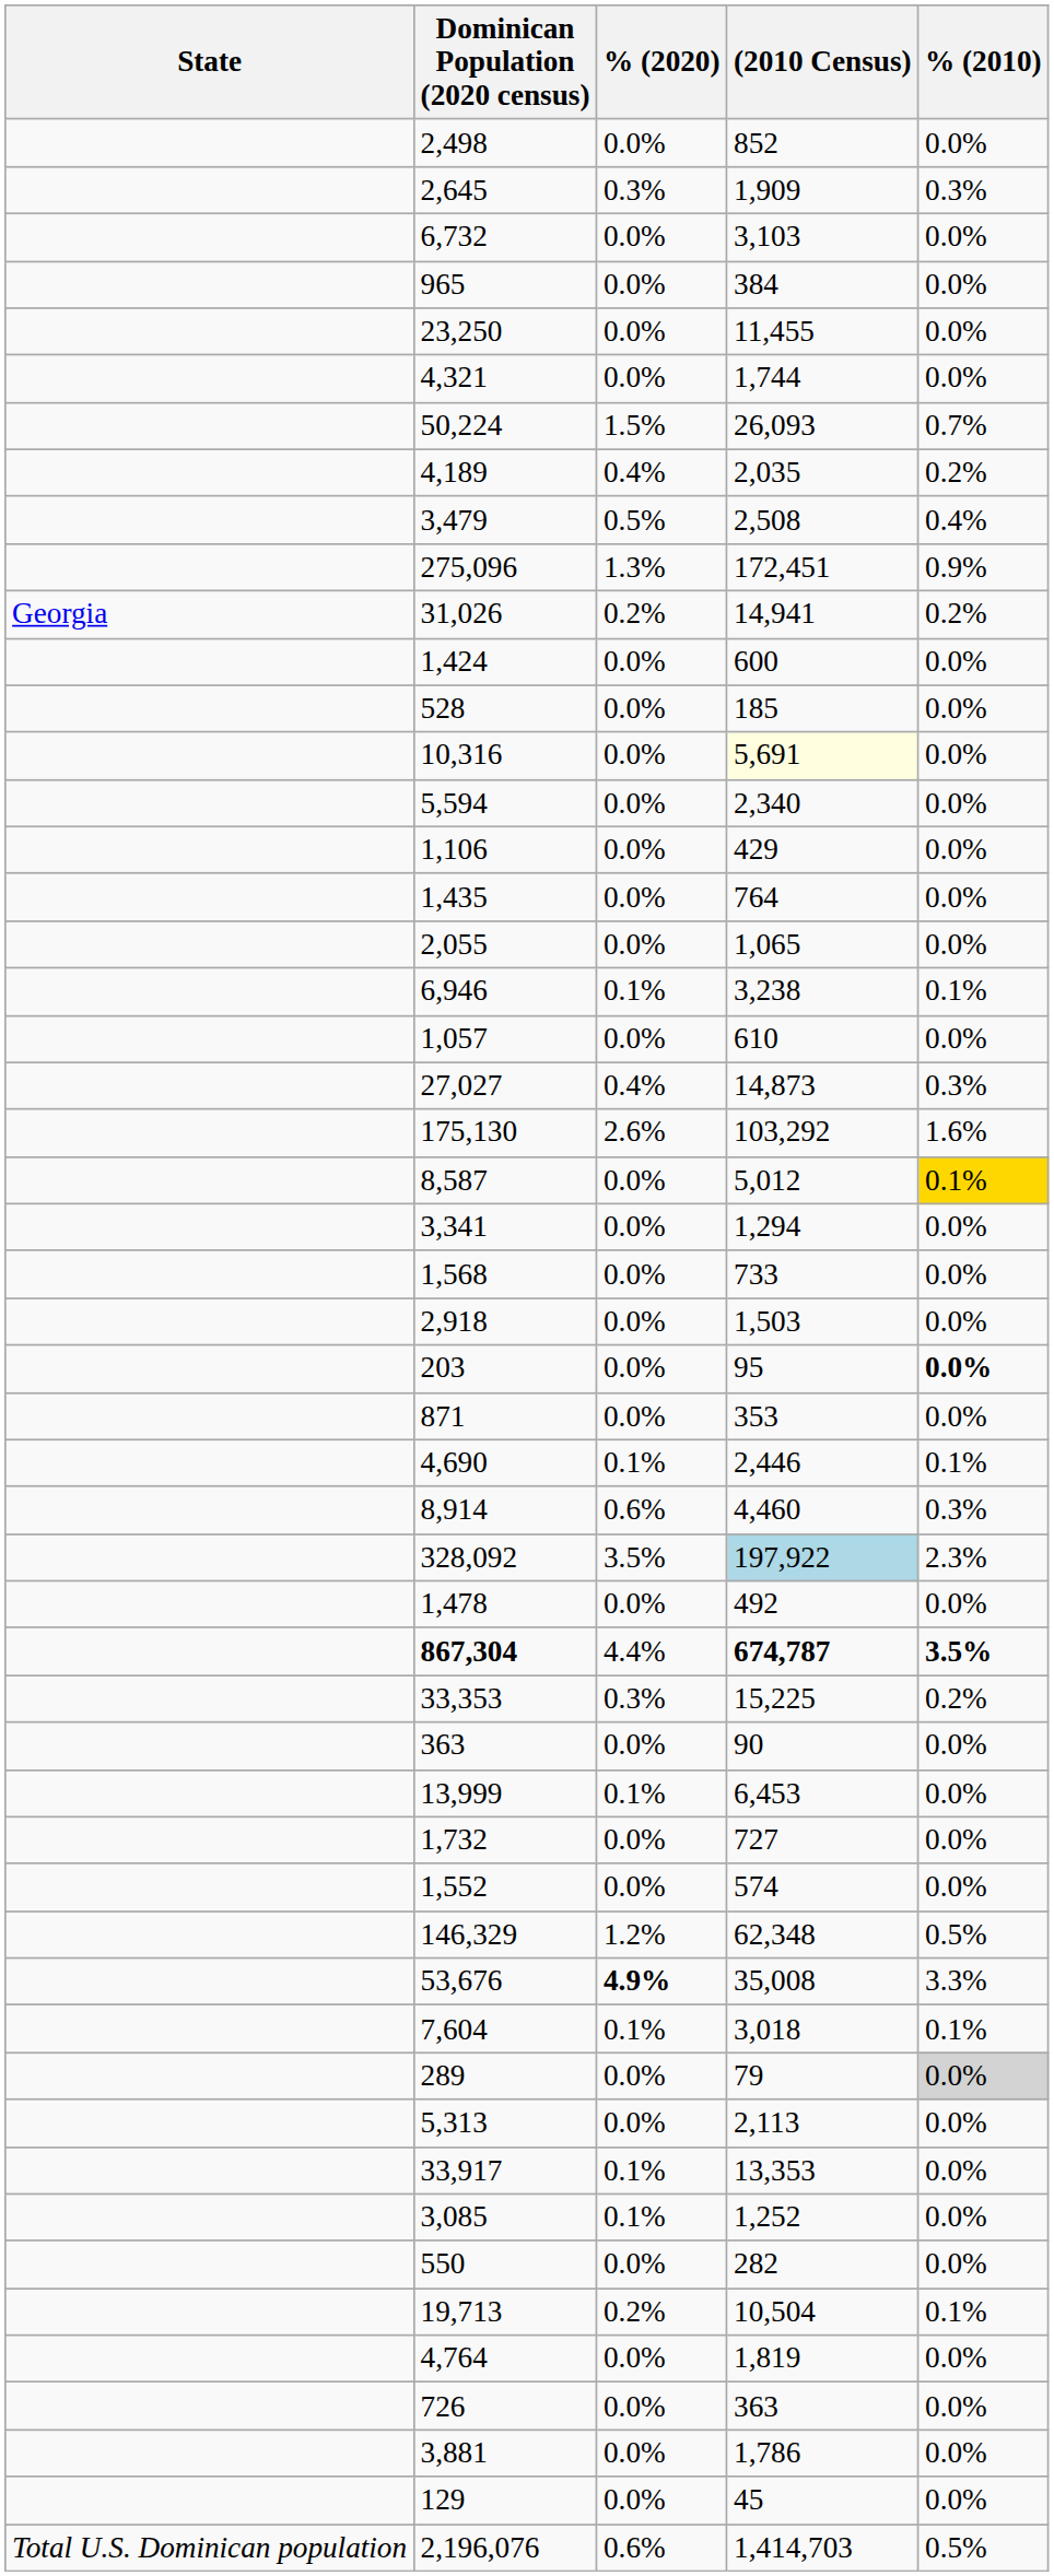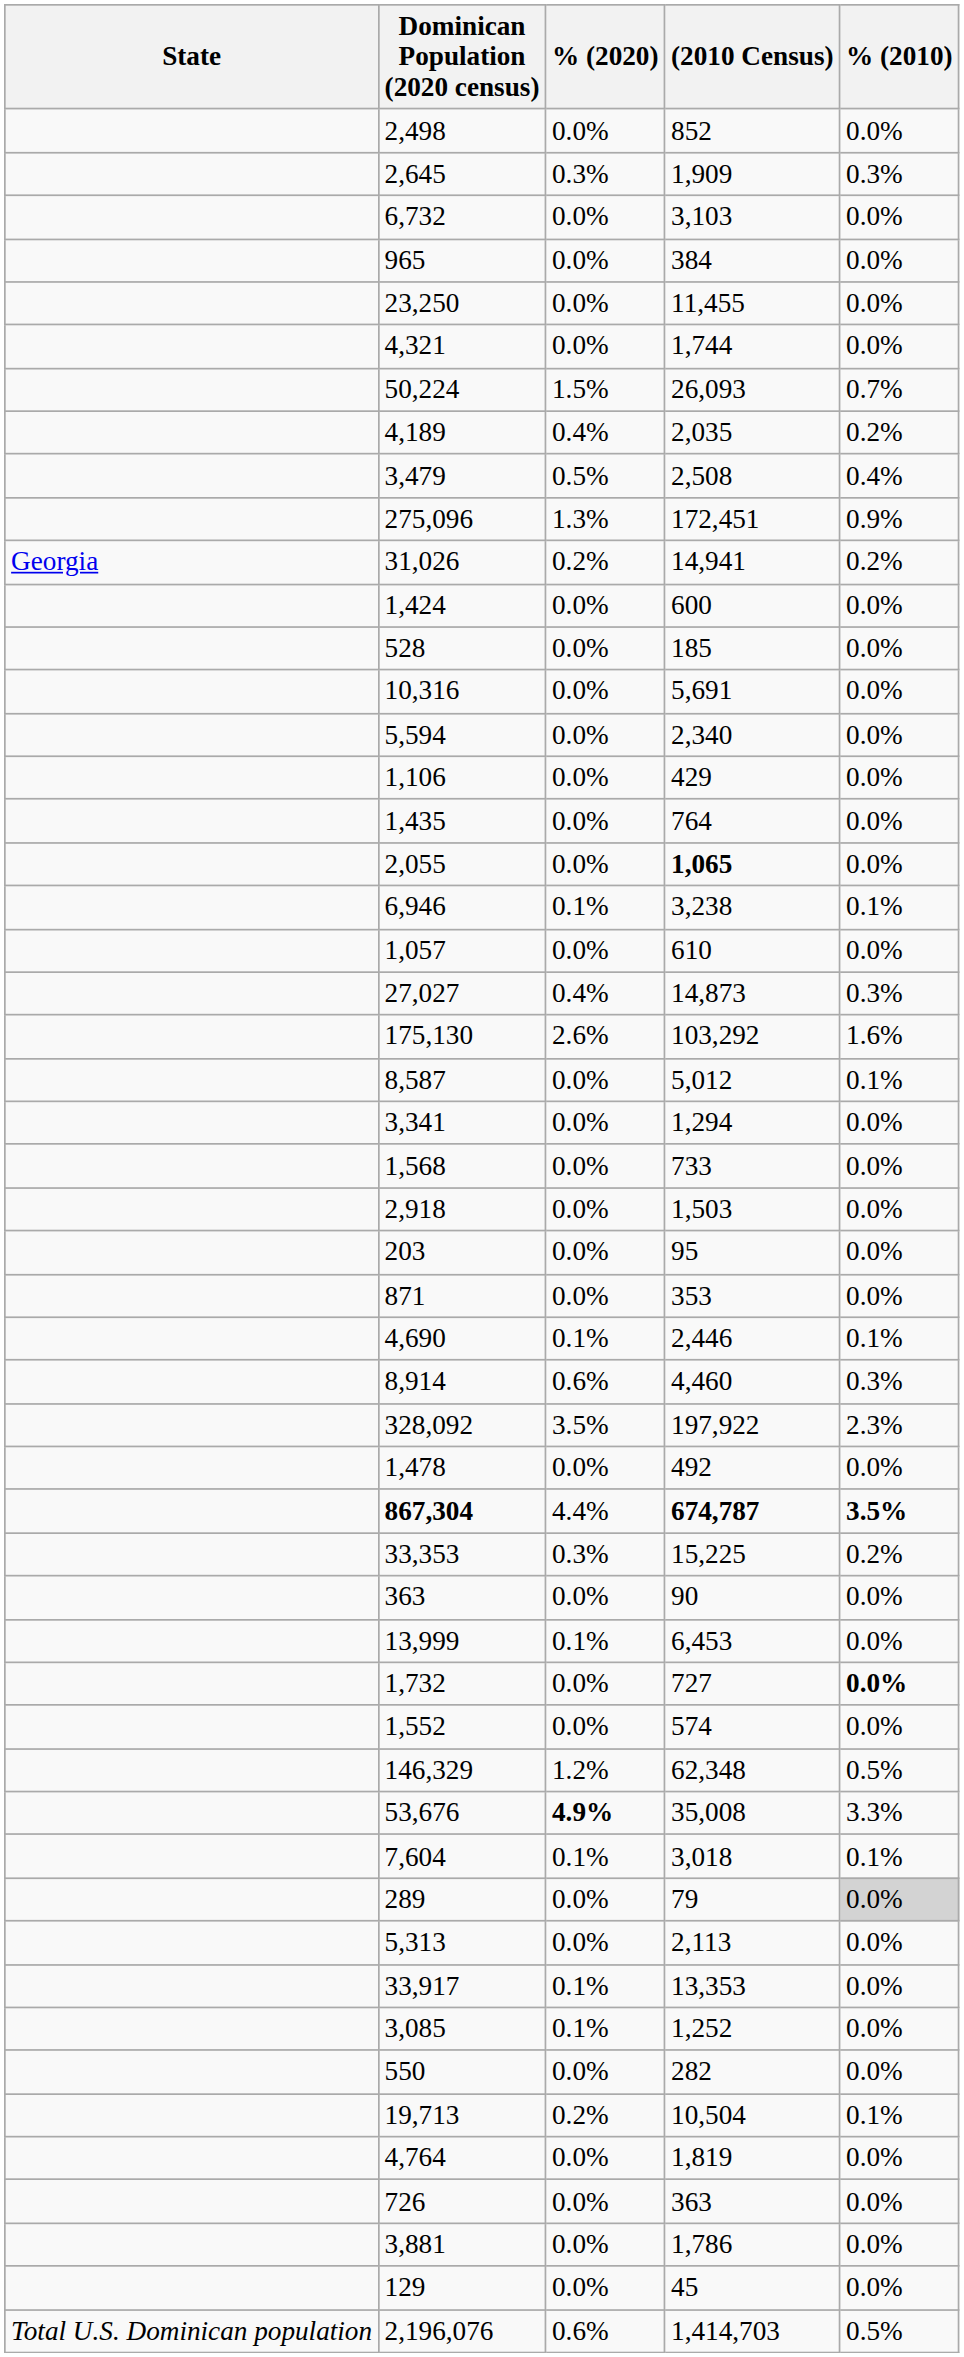 <table class="wikitable sortable">
 <tr>
 <th>State</th>
 <th>Dominican<br>Population<br>(2020 census)</th>
 <th>% (2020)</th>
 <th>(2010 Census)</th>
 <th>% (2010)</th>
 </tr>
 <tr>
 <td></td>
 <td>2,498</td>
 <td>0.0%</td>
 <td>852</td>
 <td>0.0%</td>
 </tr>
 <tr>
 <td></td>
 <td>2,645</td>
 <td>0.3%</td>
 <td>1,909</td>
 <td>0.3%</td>
 </tr>
 <tr>
 <td></td>
 <td>6,732</td>
 <td>0.0%</td>
 <td>3,103</td>
 <td>0.0%</td>
 </tr>
 <tr>
 <td></td>
 <td>965</td>
 <td>0.0%</td>
 <td>384</td>
 <td>0.0%</td>
 </tr>
 <tr>
 <td></td>
 <td>23,250</td>
 <td>0.0%</td>
 <td>11,455</td>
 <td>0.0%</td>
 </tr>
 <tr>
 <td></td>
 <td>4,321</td>
 <td>0.0%</td>
 <td>1,744</td>
 <td>0.0%</td>
 </tr>
 <tr>
 <td></td>
 <td>50,224</td>
 <td>1.5%</td>
 <td>26,093</td>
 <td>0.7%</td>
 </tr>
 <tr>
 <td></td>
 <td>4,189</td>
 <td>0.4%</td>
 <td>2,035</td>
 <td>0.2%</td>
 </tr>
 <tr>
 <td></td>
 <td>3,479</td>
 <td>0.5%</td>
 <td>2,508</td>
 <td>0.4%</td>
 </tr>
 <tr>
 <td></td>
 <td>275,096</td>
 <td>1.3%</td>
 <td>172,451</td>
 <td>0.9%</td>
 </tr>
 <tr>
 <td> <a href='#'>Georgia</a></td>
 <td>31,026</td>
 <td>0.2%</td>
 <td>14,941</td>
 <td>0.2%</td>
 </tr>
 <tr>
 <td></td>
 <td>1,424</td>
 <td>0.0%</td>
 <td>600</td>
 <td>0.0%</td>
 </tr>
 <tr>
 <td></td>
 <td>528</td>
 <td>0.0%</td>
 <td>185</td>
 <td>0.0%</td>
 </tr>
 <tr>
 <td></td>
 <td>10,316</td>
 <td>0.0%</td>
-<td style="background: lightyellow;">5,691</td>
+<td>5,691</td>
 <td>0.0%</td>
 </tr>
 <tr>
 <td></td>
 <td>5,594</td>
 <td>0.0%</td>
 <td>2,340</td>
 <td>0.0%</td>
 </tr>
 <tr>
 <td></td>
 <td>1,106</td>
 <td>0.0%</td>
 <td>429</td>
 <td>0.0%</td>
 </tr>
 <tr>
 <td></td>
 <td>1,435</td>
 <td>0.0%</td>
 <td>764</td>
 <td>0.0%</td>
 </tr>
 <tr>
 <td></td>
 <td>2,055</td>
 <td>0.0%</td>
-<td>1,065</td>
+<td><strong>1,065</strong></td>
 <td>0.0%</td>
 </tr>
 <tr>
 <td></td>
 <td>6,946</td>
 <td>0.1%</td>
 <td>3,238</td>
 <td>0.1%</td>
 </tr>
 <tr>
 <td></td>
 <td>1,057</td>
 <td>0.0%</td>
 <td>610</td>
 <td>0.0%</td>
 </tr>
 <tr>
 <td></td>
 <td>27,027</td>
 <td>0.4%</td>
 <td>14,873</td>
 <td>0.3%</td>
 </tr>
 <tr>
 <td></td>
 <td>175,130</td>
 <td>2.6%</td>
 <td>103,292</td>
 <td>1.6%</td>
 </tr>
 <tr>
 <td></td>
 <td>8,587</td>
 <td>0.0%</td>
 <td>5,012</td>
-<td style="background: gold;">0.1%</td>
+<td>0.1%</td>
 </tr>
 <tr>
 <td></td>
 <td>3,341</td>
 <td>0.0%</td>
 <td>1,294</td>
 <td>0.0%</td>
 </tr>
 <tr>
 <td></td>
 <td>1,568</td>
 <td>0.0%</td>
 <td>733</td>
 <td>0.0%</td>
 </tr>
 <tr>
 <td></td>
 <td>2,918</td>
 <td>0.0%</td>
 <td>1,503</td>
 <td>0.0%</td>
 </tr>
 <tr>
 <td></td>
 <td>203</td>
 <td>0.0%</td>
 <td>95</td>
-<td><strong>0.0%</strong></td>
+<td>0.0%</td>
 </tr>
 <tr>
 <td></td>
 <td>871</td>
 <td>0.0%</td>
 <td>353</td>
 <td>0.0%</td>
 </tr>
 <tr>
 <td></td>
 <td>4,690</td>
 <td>0.1%</td>
 <td>2,446</td>
 <td>0.1%</td>
 </tr>
 <tr>
 <td></td>
 <td>8,914</td>
 <td>0.6%</td>
 <td>4,460</td>
 <td>0.3%</td>
 </tr>
 <tr>
 <td></td>
 <td>328,092</td>
 <td>3.5%</td>
-<td style="background: lightblue;">197,922</td>
+<td>197,922</td>
 <td>2.3%</td>
 </tr>
 <tr>
 <td></td>
 <td>1,478</td>
 <td>0.0%</td>
 <td>492</td>
 <td>0.0%</td>
 </tr>
 <tr>
 <td></td>
 <td><strong>867,304</strong></td>
 <td>4.4%</td>
 <td><strong>674,787</strong></td>
 <td><strong>3.5%</strong></td>
 </tr>
 <tr>
 <td></td>
 <td>33,353</td>
 <td>0.3%</td>
 <td>15,225</td>
 <td>0.2%</td>
 </tr>
 <tr>
 <td></td>
 <td>363</td>
 <td>0.0%</td>
 <td>90</td>
 <td>0.0%</td>
 </tr>
 <tr>
 <td></td>
 <td>13,999</td>
 <td>0.1%</td>
 <td>6,453</td>
 <td>0.0%</td>
 </tr>
 <tr>
 <td></td>
 <td>1,732</td>
 <td>0.0%</td>
 <td>727</td>
-<td>0.0%</td>
+<td><strong>0.0%</strong></td>
 </tr>
 <tr>
 <td></td>
 <td>1,552</td>
 <td>0.0%</td>
 <td>574</td>
 <td>0.0%</td>
 </tr>
 <tr>
 <td></td>
 <td>146,329</td>
 <td>1.2%</td>
 <td>62,348</td>
 <td>0.5%</td>
 </tr>
 <tr>
 <td></td>
 <td>53,676</td>
 <td><strong>4.9%</strong></td>
 <td>35,008</td>
 <td>3.3%</td>
 </tr>
 <tr>
 <td></td>
 <td>7,604</td>
 <td>0.1%</td>
 <td>3,018</td>
 <td>0.1%</td>
 </tr>
 <tr>
 <td></td>
 <td>289</td>
 <td>0.0%</td>
 <td>79</td>
 <td style="background: lightgrey;">0.0%</td>
 </tr>
 <tr>
 <td></td>
 <td>5,313</td>
 <td>0.0%</td>
 <td>2,113</td>
 <td>0.0%</td>
 </tr>
 <tr>
 <td></td>
 <td>33,917</td>
 <td>0.1%</td>
 <td>13,353</td>
 <td>0.0%</td>
 </tr>
 <tr>
 <td></td>
 <td>3,085</td>
 <td>0.1%</td>
 <td>1,252</td>
 <td>0.0%</td>
 </tr>
 <tr>
 <td></td>
 <td>550</td>
 <td>0.0%</td>
 <td>282</td>
 <td>0.0%</td>
 </tr>
 <tr>
 <td></td>
 <td>19,713</td>
 <td>0.2%</td>
 <td>10,504</td>
 <td>0.1%</td>
 </tr>
 <tr>
 <td></td>
 <td>4,764</td>
 <td>0.0%</td>
 <td>1,819</td>
 <td>0.0%</td>
 </tr>
 <tr>
 <td></td>
 <td>726</td>
 <td>0.0%</td>
 <td>363</td>
 <td>0.0%</td>
 </tr>
 <tr>
 <td></td>
 <td>3,881</td>
 <td>0.0%</td>
 <td>1,786</td>
 <td>0.0%</td>
 </tr>
 <tr>
 <td></td>
 <td>129</td>
 <td>0.0%</td>
 <td>45</td>
 <td>0.0%</td>
 </tr>
 <tr>
 <td><em>Total U.S. Dominican population</em></td>
 <td>2,196,076</td>
 <td>0.6%</td>
 <td>1,414,703</td>
 <td>0.5%</td>
 </tr>
 </table>
